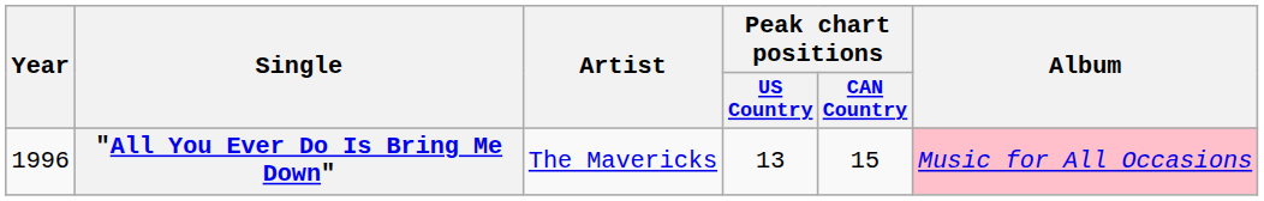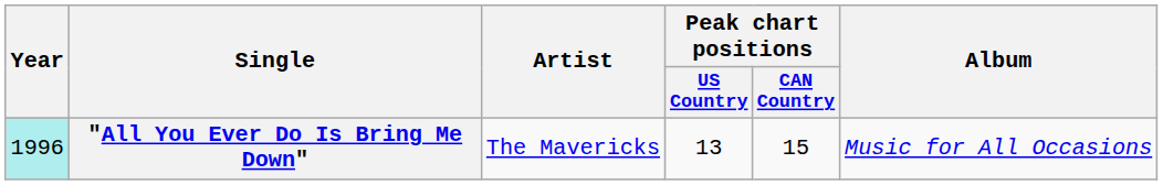 <table class="wikitable plainrowheaders" style="text-align:center;">
 <tr>
 <th rowspan="2">Year</th>
 <th rowspan="2" style="width:18em;">Single</th>
 <th rowspan="2">Artist</th>
 <th colspan="2">Peak chart<br>positions</th>
 <th rowspan="2">Album</th>
 </tr>
 <tr style="font-size:smaller;">
 <th width="45"><a href='#'>US Country</a></th>
 <th width="45"><a href='#'>CAN Country</a></th>
 </tr>
 <tr>
-<td>1996</td>
+<td style="background: paleturquoise;">1996</td>
 <th scope="row">"<a href='#'>All You Ever Do Is Bring Me Down</a>"</th>
 <td><a href='#'>The Mavericks</a></td>
 <td>13</td>
 <td>15</td>
-<td align="left" style="background: pink;"><em><a href='#'>Music for All Occasions</a></em></td>
+<td align="left"><em><a href='#'>Music for All Occasions</a></em></td>
 </tr>
 </table>
